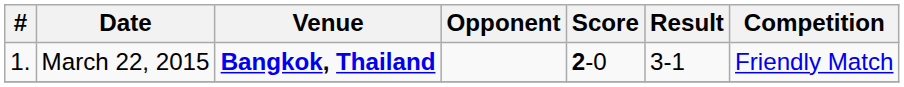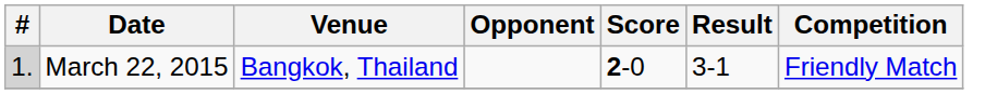 <table class="wikitable">
 <tr>
 <th>#</th>
 <th>Date</th>
 <th>Venue</th>
 <th>Opponent</th>
 <th>Score</th>
 <th>Result</th>
 <th>Competition</th>
 </tr>
 <tr>
-<td>1.</td>
+<td style="background: lightgrey;">1.</td>
 <td>March 22, 2015</td>
-<td><strong><a href='#'>Bangkok</a>, <a href='#'>Thailand</a></strong></td>
+<td><a href='#'>Bangkok</a>, <a href='#'>Thailand</a></td>
 <td></td>
 <td><strong>2</strong>-0</td>
 <td>3-1</td>
 <td><a href='#'>Friendly Match</a></td>
 </tr>
 <tr>
 </tr>
 </table>
